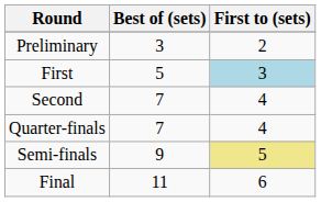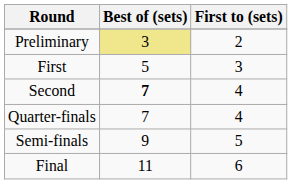 <table class="wikitable" style="text-align:center">
 <tr>
 <th>Round</th>
 <th>Best of (sets)</th>
 <th>First to (sets)</th>
 </tr>
 <tr>
 </tr>
 <tr>
 <td>Preliminary</td>
-<td>3</td>
+<td style="background: khaki;">3</td>
 <td>2</td>
 </tr>
 <tr>
 <td>First</td>
 <td>5</td>
-<td style="background: lightblue;">3</td>
+<td>3</td>
 </tr>
 <tr>
 <td>Second</td>
-<td>7</td>
+<td><strong>7</strong></td>
 <td>4</td>
 </tr>
 <tr>
 <td>Quarter-finals</td>
 <td>7</td>
 <td>4</td>
 </tr>
 <tr>
 <td>Semi-finals</td>
 <td>9</td>
-<td style="background: khaki;">5</td>
+<td>5</td>
 </tr>
 <tr>
 <td>Final</td>
 <td>11</td>
 <td>6</td>
 </tr>
 </table>
